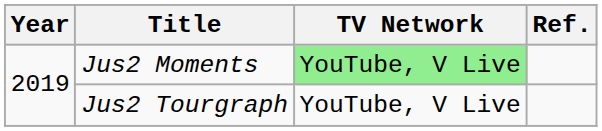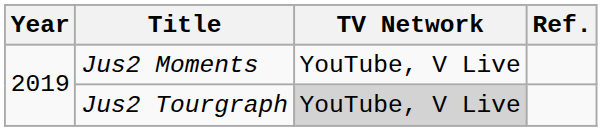 <table class="wikitable">
 <tr style="background:#B0C4DE;">
 <th>Year</th>
 <th>Title</th>
 <th>TV Network</th>
 <th>Ref.</th>
 </tr>
 <tr>
 <td rowspan="2">2019</td>
 <td><em>Jus2 Moments</em></td>
-<td style="background: lightgreen;">YouTube, V Live</td>
+<td>YouTube, V Live</td>
 <td></td>
 </tr>
 <tr>
 <td><em>Jus2 Tourgraph</em></td>
-<td>YouTube, V Live</td>
+<td style="background: lightgrey;">YouTube, V Live</td>
 <td></td>
 </tr>
 </table>
